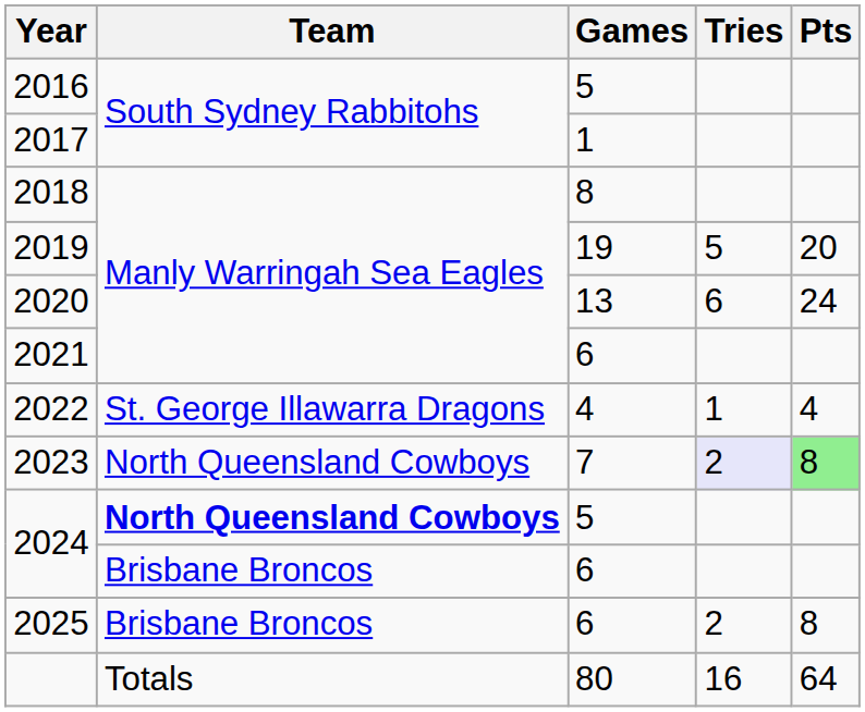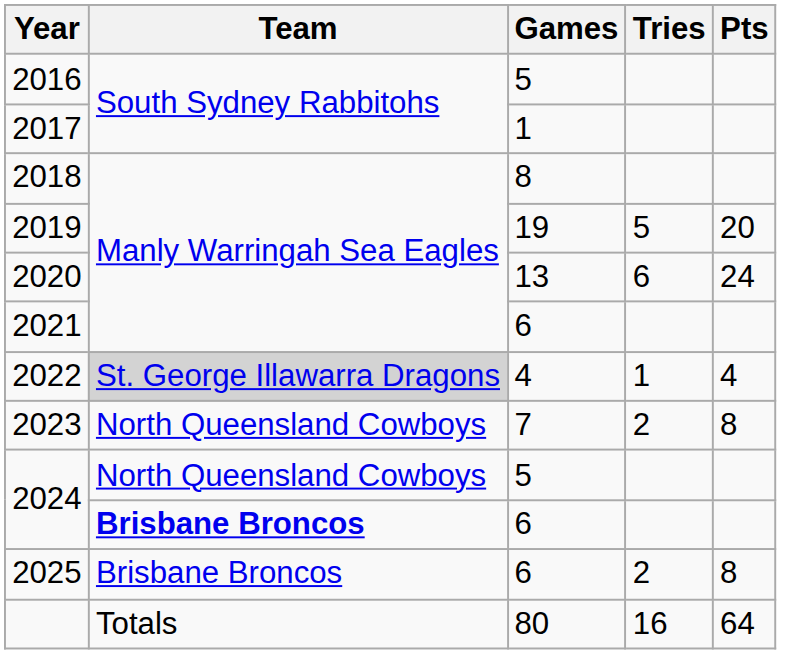 <table class="wikitable">
 <tr>
 <th>Year</th>
 <th>Team</th>
 <th>Games</th>
 <th>Tries</th>
 <th>Pts</th>
 </tr>
 <tr>
 <td>2016</td>
 <td rowspan="2"> <a href='#'>South Sydney Rabbitohs</a></td>
 <td>5</td>
 <td></td>
 <td></td>
 </tr>
 <tr>
 <td>2017</td>
 <td>1</td>
 <td></td>
 <td></td>
 </tr>
 <tr>
 <td>2018</td>
 <td rowspan="4"> <a href='#'>Manly Warringah Sea Eagles</a></td>
 <td>8</td>
 <td></td>
 <td></td>
 </tr>
 <tr>
 <td>2019</td>
 <td>19</td>
 <td>5</td>
 <td>20</td>
 </tr>
 <tr>
 <td>2020</td>
 <td>13</td>
 <td>6</td>
 <td>24</td>
 </tr>
 <tr>
 <td>2021</td>
 <td>6</td>
 <td></td>
 <td></td>
 </tr>
 <tr>
 <td>2022</td>
-<td> <a href='#'>St. George Illawarra Dragons</a></td>
+<td style="background: lightgrey;"> <a href='#'>St. George Illawarra Dragons</a></td>
 <td>4</td>
 <td>1</td>
 <td>4</td>
 </tr>
 <tr>
 <td>2023</td>
 <td> <a href='#'>North Queensland Cowboys</a></td>
 <td>7</td>
-<td style="background: lavender;">2</td>
-<td style="background: lightgreen;">8</td>
+<td>2</td>
+<td>8</td>
 </tr>
 <tr>
 <td rowspan="2">2024</td>
-<td><strong> <a href='#'>North Queensland Cowboys</a></strong></td>
+<td> <a href='#'>North Queensland Cowboys</a></td>
 <td>5</td>
 <td></td>
 <td></td>
 </tr>
 <tr>
-<td> <a href='#'>Brisbane Broncos</a></td>
+<td><strong> <a href='#'>Brisbane Broncos</a></strong></td>
 <td>6</td>
 <td></td>
 <td></td>
 </tr>
 <tr>
 <td>2025</td>
 <td> <a href='#'>Brisbane Broncos</a></td>
 <td>6</td>
 <td>2</td>
 <td>8</td>
 </tr>
 <tr>
 <td></td>
 <td>Totals</td>
 <td>80</td>
 <td>16</td>
 <td>64</td>
 </tr>
 </table>
